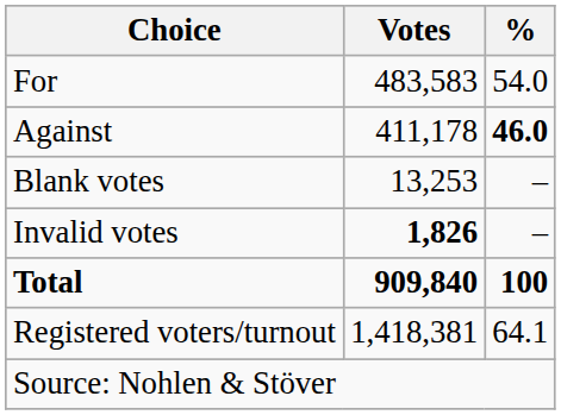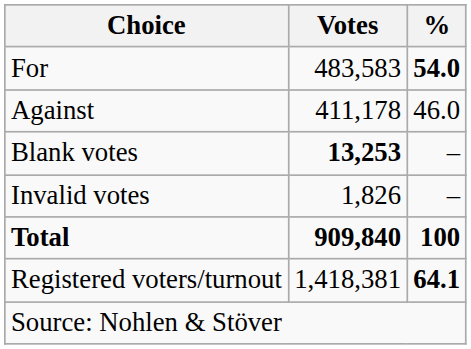 <table class=wikitable style=text-align:right>
 <tr>
 <th>Choice</th>
 <th>Votes</th>
 <th>%</th>
 </tr>
 <tr>
 <td align=left>For</td>
 <td>483,583</td>
-<td>54.0</td>
+<td><strong>54.0</strong></td>
 </tr>
 <tr>
 <td align=left>Against</td>
 <td>411,178</td>
-<td><strong>46.0</strong></td>
+<td>46.0</td>
 </tr>
 <tr>
 <td align=left>Blank votes</td>
-<td>13,253</td>
+<td><strong>13,253</strong></td>
 <td>–</td>
 </tr>
 <tr>
 <td align=left>Invalid votes</td>
-<td><strong>1,826</strong></td>
+<td>1,826</td>
 <td>–</td>
 </tr>
 <tr>
 <td align=left><strong>Total</strong></td>
 <td><strong>909,840</strong></td>
 <td><strong>100</strong></td>
 </tr>
 <tr>
 <td align=left>Registered voters/turnout</td>
 <td>1,418,381</td>
-<td>64.1</td>
+<td><strong>64.1</strong></td>
 </tr>
 <tr>
 <td align=left colspan=6>Source: Nohlen & Stöver</td>
 </tr>
 </table>
